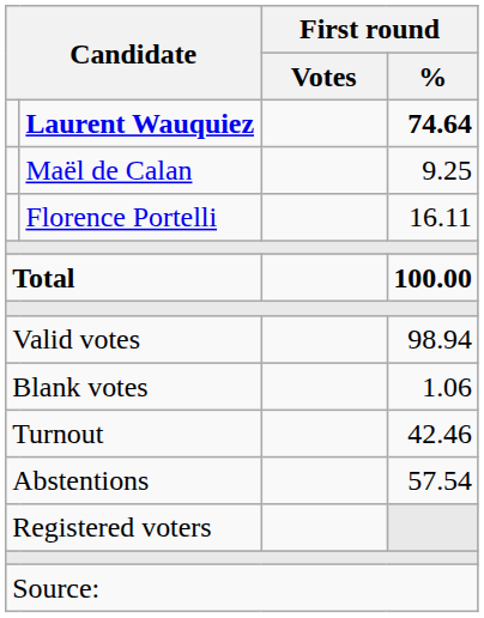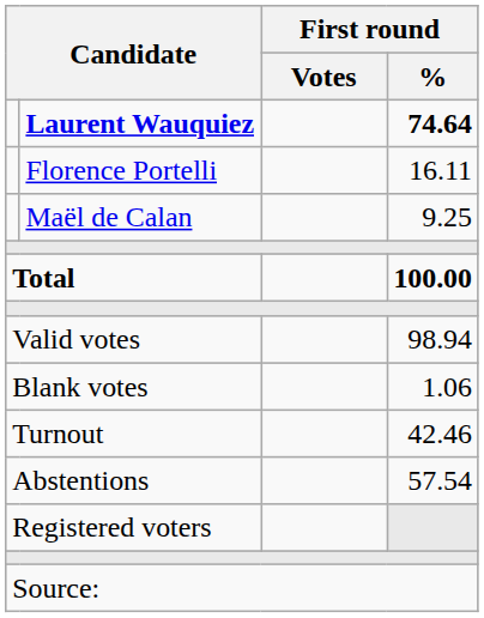 <table class="wikitable" style="text-align:right;font-size:95%;">
 <tr>
 <th colspan="2" rowspan="2">Candidate</th>
 <th colspan="2">First round</th>
 </tr>
 <tr style="text-align:center;">
 <th width="60px">Votes</th>
 <th width="30px">%</th>
 </tr>
 <tr>
 <td style="background:"></td>
 <td style="text-align:left;"><strong><a href='#'>Laurent Wauquiez</a></strong></td>
 <td><strong></strong></td>
 <td><strong>74.64</strong></td>
 </tr>
 <tr>
 <td style="background:"></td>
+<td style="text-align:left;"><a href='#'>Florence Portelli</a></td>
+<td></td>
+<td>16.11</td>
+</tr>
+<tr>
+<td style="background:"></td>
 <td style="text-align:left;"><a href='#'>Maël de Calan</a></td>
 <td></td>
 <td>9.25</td>
-</tr>
-<tr>
-<td style="background:"></td>
-<td style="text-align:left;"><a href='#'>Florence Portelli</a></td>
-<td></td>
-<td>16.11</td>
 </tr>
 <tr>
 <td style="background-color:#E9E9E9;" colspan="4"></td>
 </tr>
 <tr style="font-weight:bold;">
 <td style="text-align:left;" colspan="2">Total</td>
 <td></td>
 <td>100.00</td>
 </tr>
 <tr>
 <td style="background-color:#E9E9E9;" colspan="4"></td>
 </tr>
 <tr>
 <td style="text-align:left;" colspan="2">Valid votes</td>
 <td></td>
 <td>98.94</td>
 </tr>
 <tr>
 <td style="text-align:left;" colspan="2">Blank votes</td>
 <td></td>
 <td>1.06</td>
 </tr>
 <tr>
 <td style="text-align:left;" colspan="2">Turnout</td>
 <td></td>
 <td>42.46</td>
 </tr>
 <tr>
 <td style="text-align:left;" colspan="2">Abstentions</td>
 <td></td>
 <td>57.54</td>
 </tr>
 <tr>
 <td style="text-align:left;" colspan="2">Registered voters</td>
 <td></td>
 <td style="background-color:#E9E9E9;"></td>
 </tr>
 <tr>
 <td style="background-color:#E9E9E9;" colspan="4"></td>
 </tr>
 <tr>
 <td style="text-align:left;" colspan="4">Source: </td>
 </tr>
 </table>
